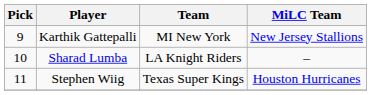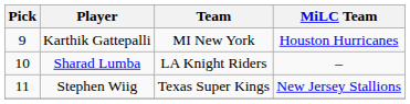 <table class="wikitable plainrowheaders" style="text-align:center;">
 <tr>
 <th scope="col">Pick</th>
 <th scope="col">Player</th>
 <th scope="col">Team</th>
 <th scope="col"><a href='#'>MiLC</a> Team</th>
 </tr>
 <tr>
 <td scope="row">9</td>
 <td>Karthik Gattepalli</td>
 <td>MI New York</td>
-<td><a href='#'>New Jersey Stallions</a></td>
+<td><a href='#'>Houston Hurricanes</a></td>
 </tr>
 <tr>
 <td scope="row">10</td>
 <td><a href='#'>Sharad Lumba</a></td>
 <td>LA Knight Riders</td>
 <td>–</td>
 </tr>
 <tr>
 <td scope="row">11</td>
 <td>Stephen Wiig</td>
 <td>Texas Super Kings</td>
-<td><a href='#'>Houston Hurricanes</a></td>
+<td><a href='#'>New Jersey Stallions</a></td>
 </tr>
 <tr>
 </tr>
 </table>
